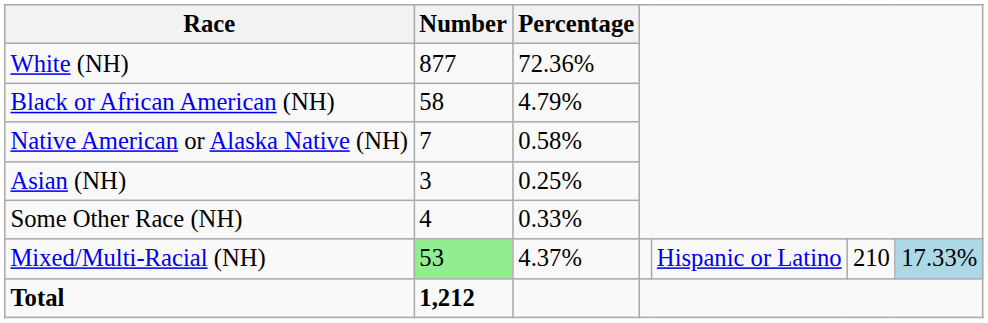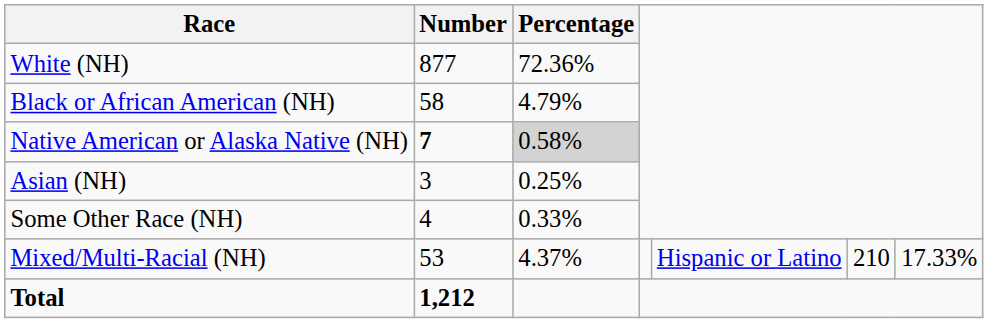 <table class="wikitable">
 <tr>
 <th>Race</th>
 <th>Number</th>
 <th>Percentage</th>
 </tr>
 <tr>
 <td><a href='#'>White</a> (NH)</td>
 <td>877</td>
 <td>72.36%</td>
 </tr>
 <tr>
 <td><a href='#'>Black or African American</a> (NH)</td>
 <td>58</td>
 <td>4.79%</td>
 </tr>
 <tr>
 <td><a href='#'>Native American</a> or <a href='#'>Alaska Native</a> (NH)</td>
-<td>7</td>
-<td>0.58%</td>
+<td><strong>7</strong></td>
+<td style="background: lightgrey;">0.58%</td>
 </tr>
 <tr>
 <td><a href='#'>Asian</a> (NH)</td>
 <td>3</td>
 <td>0.25%</td>
 </tr>
 <tr>
 <td>Some Other Race (NH)</td>
 <td>4</td>
 <td>0.33%</td>
 </tr>
 <tr>
 <td><a href='#'>Mixed/Multi-Racial</a> (NH)</td>
-<td style="background: lightgreen;">53</td>
+<td>53</td>
 <td>4.37%</td>
 <td></td>
 <td><a href='#'>Hispanic or Latino</a></td>
 <td>210</td>
-<td style="background: lightblue;">17.33%</td>
+<td>17.33%</td>
 </tr>
 <tr>
 <td><strong>Total</strong></td>
 <td><strong>1,212</strong></td>
 <td></td>
 </tr>
 </table>
